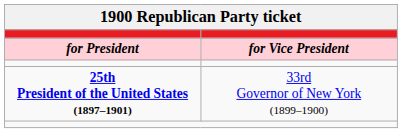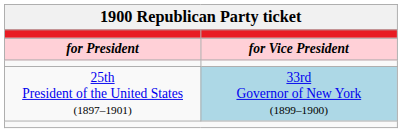 <table class="wikitable" style="font-size:90%; text-align:center;">
 <tr>
 <td style="background:#f1f1f1;" colspan="30"><big><strong>1900 Republican Party ticket</strong></big></td>
 </tr>
 <tr>
 <th style="width:3em; font-size:135%; background:#E81B23; width:200px;"><a href='#'></a></th>
 <th style="width:3em; font-size:135%; background:#E81B23; width:200px;"><a href='#'></a></th>
 </tr>
 <tr style="color:#000; font-size:100%; background:#FFD0D7;">
 <td style="width:3em; width:200px;"><strong><em>for President</em></strong></td>
 <td style="width:3em; width:200px;"><strong><em>for Vice President</em></strong></td>
 </tr>
 <tr>
 <td></td>
 <td></td>
 </tr>
 <tr>
-<td><strong><a href='#'>25th</a><br><a href='#'>President of the United States</a><br><small>(1897–1901)</small></strong></td>
-<td><a href='#'>33rd</a><br><a href='#'>Governor of New York</a><br><small>(1899–1900)</small></td>
+<td><a href='#'>25th</a><br><a href='#'>President of the United States</a><br><small>(1897–1901)</small></td>
+<td style="background: lightblue;"><a href='#'>33rd</a><br><a href='#'>Governor of New York</a><br><small>(1899–1900)</small></td>
 </tr>
 <tr>
 <td colspan=2></td>
 </tr>
 </table>
